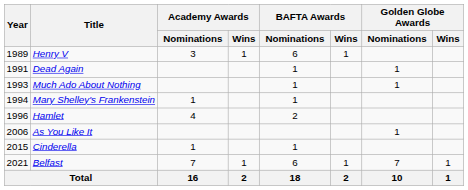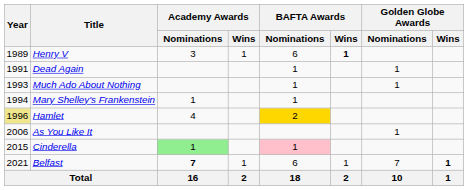 <table class="wikitable">
 <tr>
 <th rowspan="2">Year</th>
 <th rowspan="2">Title</th>
 <th colspan="2" style="text-align:center;" width=160>Academy Awards</th>
 <th colspan="2" style="text-align:center;" width=160>BAFTA Awards</th>
 <th colspan="2" style="text-align:center;" width=160>Golden Globe Awards</th>
 </tr>
 <tr>
 <th>Nominations</th>
 <th>Wins</th>
 <th>Nominations</th>
 <th>Wins</th>
 <th>Nominations</th>
 <th>Wins</th>
 </tr>
 <tr>
 <td>1989</td>
 <td><em><a href='#'>Henry V</a></em></td>
 <td align=center>3</td>
 <td align=center>1</td>
 <td align=center>6</td>
-<td align=center>1</td>
+<td align=center><strong>1</strong></td>
 <td></td>
 <td></td>
 </tr>
 <tr>
 <td>1991</td>
 <td><em><a href='#'>Dead Again</a></em></td>
 <td></td>
 <td></td>
 <td align=center>1</td>
 <td></td>
 <td align=center>1</td>
 <td></td>
 </tr>
 <tr>
 <td>1993</td>
 <td><em><a href='#'>Much Ado About Nothing</a></em></td>
 <td></td>
 <td></td>
 <td align=center>1</td>
 <td></td>
 <td align=center>1</td>
 <td></td>
 </tr>
 <tr>
 <td>1994</td>
 <td><em><a href='#'>Mary Shelley's Frankenstein</a></em></td>
 <td align=center>1</td>
 <td></td>
 <td align=center>1</td>
 <td></td>
 <td></td>
 <td></td>
 </tr>
 <tr>
-<td>1996</td>
+<td style="background: khaki;">1996</td>
 <td><em><a href='#'>Hamlet</a></em></td>
 <td align=center>4</td>
 <td></td>
-<td align=center>2</td>
+<td align=center style="background: gold;">2</td>
 <td></td>
 <td></td>
 <td></td>
 </tr>
 <tr>
 <td>2006</td>
 <td><em><a href='#'>As You Like It</a></em></td>
 <td></td>
 <td></td>
 <td></td>
 <td></td>
 <td align=center>1</td>
 <td></td>
 </tr>
 <tr>
 <td>2015</td>
 <td><em><a href='#'>Cinderella</a></em></td>
-<td align=center>1</td>
+<td align=center style="background: lightgreen;">1</td>
 <td></td>
-<td align=center>1</td>
+<td align=center style="background: pink;">1</td>
 <td></td>
 <td></td>
 <td></td>
 </tr>
 <tr>
 <td>2021</td>
 <td><em><a href='#'>Belfast</a></em></td>
-<td align=center>7</td>
+<td align=center><strong>7</strong></td>
 <td align=center>1</td>
 <td align=center>6</td>
 <td align=center>1</td>
 <td align=center>7</td>
-<td align=center>1</td>
+<td align=center><strong>1</strong></td>
 </tr>
 <tr>
 <th colspan="2">Total</th>
 <th align=center>16</th>
 <th align=center>2</th>
 <th align=center>18</th>
 <th align=center>2</th>
 <th align=center>10</th>
 <th align=center>1</th>
 </tr>
 </table>
